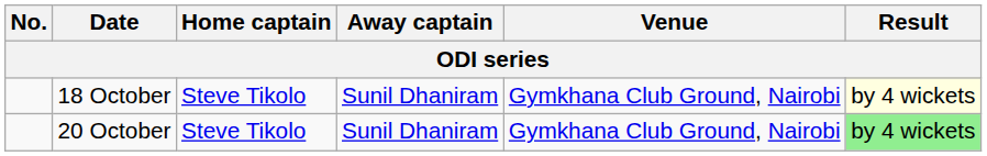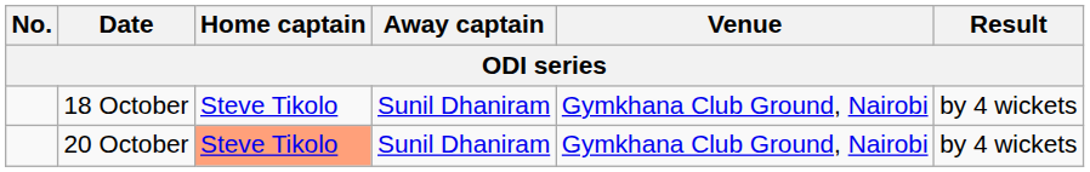 <table class="wikitable">
 <tr>
 <th>No.</th>
 <th>Date</th>
 <th>Home captain</th>
 <th>Away captain</th>
 <th>Venue</th>
 <th>Result</th>
 </tr>
 <tr>
 <th colspan="7">ODI series</th>
 </tr>
 <tr>
 <td></td>
 <td>18 October</td>
 <td><a href='#'>Steve Tikolo</a></td>
 <td><a href='#'>Sunil Dhaniram</a></td>
 <td><a href='#'>Gymkhana Club Ground</a>, <a href='#'>Nairobi</a></td>
-<td style="background: lightyellow;"> by 4 wickets</td>
+<td> by 4 wickets</td>
 </tr>
 <tr>
 <td></td>
 <td>20 October</td>
-<td><a href='#'>Steve Tikolo</a></td>
+<td style="background: lightsalmon;"><a href='#'>Steve Tikolo</a></td>
 <td><a href='#'>Sunil Dhaniram</a></td>
 <td><a href='#'>Gymkhana Club Ground</a>, <a href='#'>Nairobi</a></td>
-<td style="background: lightgreen;"> by 4 wickets</td>
+<td> by 4 wickets</td>
 </tr>
 </table>
